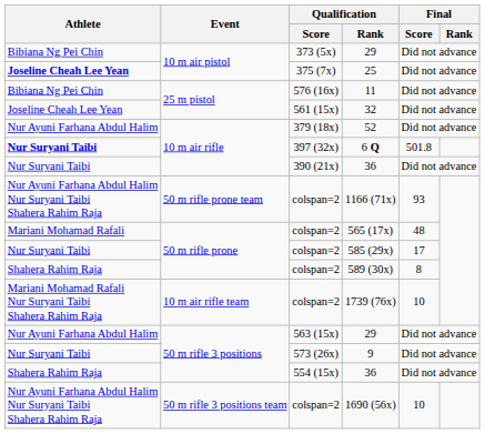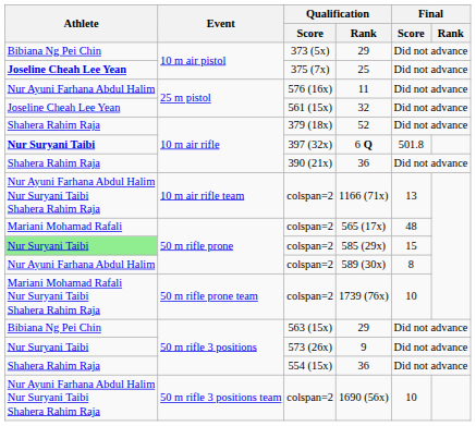 <table class=wikitable style="text-align:center; font-size:90%">
 <tr>
 <th rowspan=2>Athlete</th>
 <th rowspan=2>Event</th>
 <th colspan=2>Qualification</th>
 <th colspan=2>Final</th>
 </tr>
 <tr>
 <th>Score</th>
 <th>Rank</th>
 <th>Score</th>
 <th>Rank</th>
 </tr>
 <tr>
 <td align=left><a href='#'>Bibiana Ng Pei Chin</a></td>
 <td rowspan=2 align=left><a href='#'>10 m air pistol</a></td>
 <td>373 (5x)</td>
 <td>29</td>
 <td colspan=2>Did not advance</td>
 </tr>
 <tr>
 <td align=left><strong><a href='#'>Joseline Cheah Lee Yean</a></strong></td>
 <td>375 (7x)</td>
 <td>25</td>
 <td colspan=2>Did not advance</td>
 </tr>
 <tr>
-<td align=left><a href='#'>Bibiana Ng Pei Chin</a></td>
+<td align=left><a href='#'>Nur Ayuni Farhana Abdul Halim</a></td>
 <td rowspan=2 align=left><a href='#'>25 m pistol</a></td>
 <td>576 (16x)</td>
 <td>11</td>
 <td colspan=2>Did not advance</td>
 </tr>
 <tr>
 <td align=left><a href='#'>Joseline Cheah Lee Yean</a></td>
 <td>561 (15x)</td>
 <td>32</td>
 <td colspan=2>Did not advance</td>
 </tr>
 <tr>
-<td align=left><a href='#'>Nur Ayuni Farhana Abdul Halim</a></td>
+<td align=left><a href='#'>Shahera Rahim Raja</a></td>
 <td rowspan=3 align=left><a href='#'>10 m air rifle</a></td>
 <td>379 (18x)</td>
 <td>52</td>
 <td colspan=2>Did not advance</td>
 </tr>
 <tr>
 <td align=left><strong><a href='#'>Nur Suryani Taibi</a></strong></td>
 <td>397 (32x)</td>
 <td>6 <strong>Q</strong></td>
 <td>501.8</td>
 <td></td>
 </tr>
 <tr>
-<td align=left><a href='#'>Nur Suryani Taibi</a></td>
+<td align=left><a href='#'>Shahera Rahim Raja</a></td>
 <td>390 (21x)</td>
 <td>36</td>
 <td colspan=2>Did not advance</td>
 </tr>
 <tr>
 <td align=left><a href='#'>Nur Ayuni Farhana Abdul Halim</a><br><a href='#'>Nur Suryani Taibi</a><br><a href='#'>Shahera Rahim Raja</a></td>
-<td align=left><a href='#'>50 m rifle prone team</a></td>
+<td align=left><a href='#'>10 m air rifle team</a></td>
 <td>colspan=2 </td>
 <td>1166 (71x)</td>
-<td>93</td>
+<td>13</td>
 </tr>
 <tr>
 <td align=left><a href='#'>Mariani Mohamad Rafali</a></td>
 <td rowspan=3 align=left><a href='#'>50 m rifle prone</a></td>
 <td>colspan=2 </td>
 <td>565 (17x)</td>
 <td>48</td>
 </tr>
 <tr>
-<td align=left><a href='#'>Nur Suryani Taibi</a></td>
+<td align=left style="background: lightgreen;"><a href='#'>Nur Suryani Taibi</a></td>
 <td>colspan=2 </td>
 <td>585 (29x)</td>
-<td>17</td>
+<td>15</td>
 </tr>
 <tr>
-<td align=left><a href='#'>Shahera Rahim Raja</a></td>
+<td align=left><a href='#'>Nur Ayuni Farhana Abdul Halim</a></td>
 <td>colspan=2 </td>
 <td>589 (30x)</td>
 <td>8</td>
 </tr>
 <tr>
 <td align=left><a href='#'>Mariani Mohamad Rafali</a><br><a href='#'>Nur Suryani Taibi</a><br><a href='#'>Shahera Rahim Raja</a></td>
-<td align=left><a href='#'>10 m air rifle team</a></td>
+<td align=left><a href='#'>50 m rifle prone team</a></td>
 <td>colspan=2 </td>
 <td>1739 (76x)</td>
 <td>10</td>
 </tr>
 <tr>
-<td align=left><a href='#'>Nur Ayuni Farhana Abdul Halim</a></td>
+<td align=left><a href='#'>Bibiana Ng Pei Chin</a></td>
 <td rowspan=3 align=left><a href='#'>50 m rifle 3 positions</a></td>
 <td>563 (15x)</td>
 <td>29</td>
 <td colspan=2>Did not advance</td>
 </tr>
 <tr>
 <td align=left><a href='#'>Nur Suryani Taibi</a></td>
 <td>573 (26x)</td>
 <td>9</td>
 <td colspan=2>Did not advance</td>
 </tr>
 <tr>
 <td align=left><a href='#'>Shahera Rahim Raja</a></td>
 <td>554 (15x)</td>
 <td>36</td>
 <td colspan=2>Did not advance</td>
 </tr>
 <tr>
 <td align=left><a href='#'>Nur Ayuni Farhana Abdul Halim</a><br><a href='#'>Nur Suryani Taibi</a><br><a href='#'>Shahera Rahim Raja</a></td>
 <td align=left><a href='#'>50 m rifle 3 positions team</a></td>
 <td>colspan=2 </td>
 <td>1690 (56x)</td>
 <td>10</td>
 </tr>
 </table>
